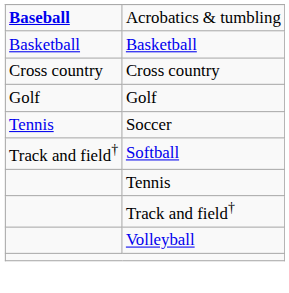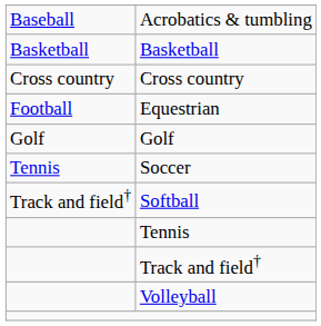 <table class="wikitable"  style="float:right; clear:right; margin:0 0 1em 1em;">
 <tr>
 </tr>
 <tr>
-<td><strong><a href='#'>Baseball</a></strong></td>
+<td><a href='#'>Baseball</a></td>
 <td>Acrobatics & tumbling</td>
 </tr>
 <tr>
 <td><a href='#'>Basketball</a></td>
 <td><a href='#'>Basketball</a></td>
 </tr>
 <tr>
 <td>Cross country</td>
 <td>Cross country</td>
+</tr>
+<tr>
+<td><a href='#'>Football</a></td>
+<td>Equestrian</td>
 </tr>
 <tr>
 <td>Golf</td>
 <td>Golf</td>
 </tr>
 <tr>
 <td><a href='#'>Tennis</a></td>
 <td>Soccer</td>
 </tr>
 <tr>
 <td>Track and field<sup>†</sup></td>
 <td><a href='#'>Softball</a></td>
 </tr>
 <tr>
 <td></td>
 <td>Tennis</td>
 </tr>
 <tr>
 <td></td>
 <td>Track and field<sup>†</sup></td>
 </tr>
 <tr>
 <td></td>
 <td><a href='#'>Volleyball</a></td>
 </tr>
 <tr>
 <td colspan="2"></td>
 </tr>
 </table>
